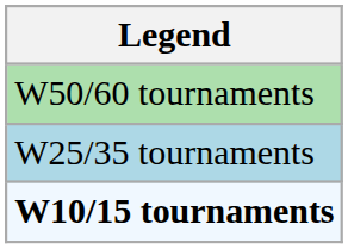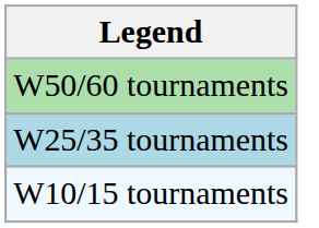 <table class=wikitable style="font-size:85%">
 <tr>
 <th>Legend</th>
 </tr>
 <tr style="background:#addfad;">
 <td>W50/60 tournaments</td>
 </tr>
 <tr style="background:lightblue;">
 <td>W25/35 tournaments</td>
 </tr>
 <tr style="background:#f0f8ff;">
-<td><strong>W10/15 tournaments</strong></td>
+<td>W10/15 tournaments</td>
 </tr>
 </table>
